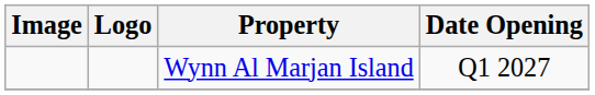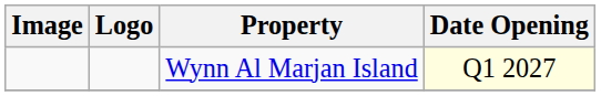 <table class="wikitable">
 <tr style="background:#EFEFEF">
 <th><strong>Image</strong></th>
 <th><strong>Logo</strong></th>
 <th><strong>Property</strong></th>
 <th><strong>Date Opening</strong></th>
 </tr>
 <tr>
 <td align=center></td>
 <td align=center></td>
 <td align=center><a href='#'>Wynn Al Marjan Island</a></td>
-<td align=center>Q1 2027</td>
+<td align=center style="background: lightyellow;">Q1 2027</td>
 </tr>
 <tr>
 </tr>
 </table>
